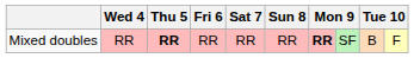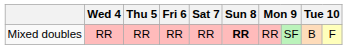 <table class="wikitable" style="margin:0.5em auto; font-size:90%; line-height:1.25em;text-align:center">
 <tr>
 <th></th>
 <th>Wed 4</th>
 <th>Thu 5</th>
 <th>Fri 6</th>
 <th>Sat 7</th>
 <th>Sun 8</th>
 <th colspan="2">Mon 9</th>
 <th colspan="2">Tue 10</th>
 </tr>
 <tr>
 <td align="left">Mixed doubles</td>
 <td style="background-color:#FFBBBB">RR</td>
-<td style="background-color:#FFBBBB"><strong>RR</strong></td>
 <td style="background-color:#FFBBBB">RR</td>
 <td style="background-color:#FFBBBB">RR</td>
 <td style="background-color:#FFBBBB">RR</td>
 <td style="background-color:#FFBBBB"><strong>RR</strong></td>
+<td style="background-color:#FFBBBB">RR</td>
 <td style="background-color:#BBF3BB">SF</td>
 <td style="background-color:#FEDCBA">B</td>
 <td style="background-color:#FFFFBB">F</td>
 </tr>
 </table>
